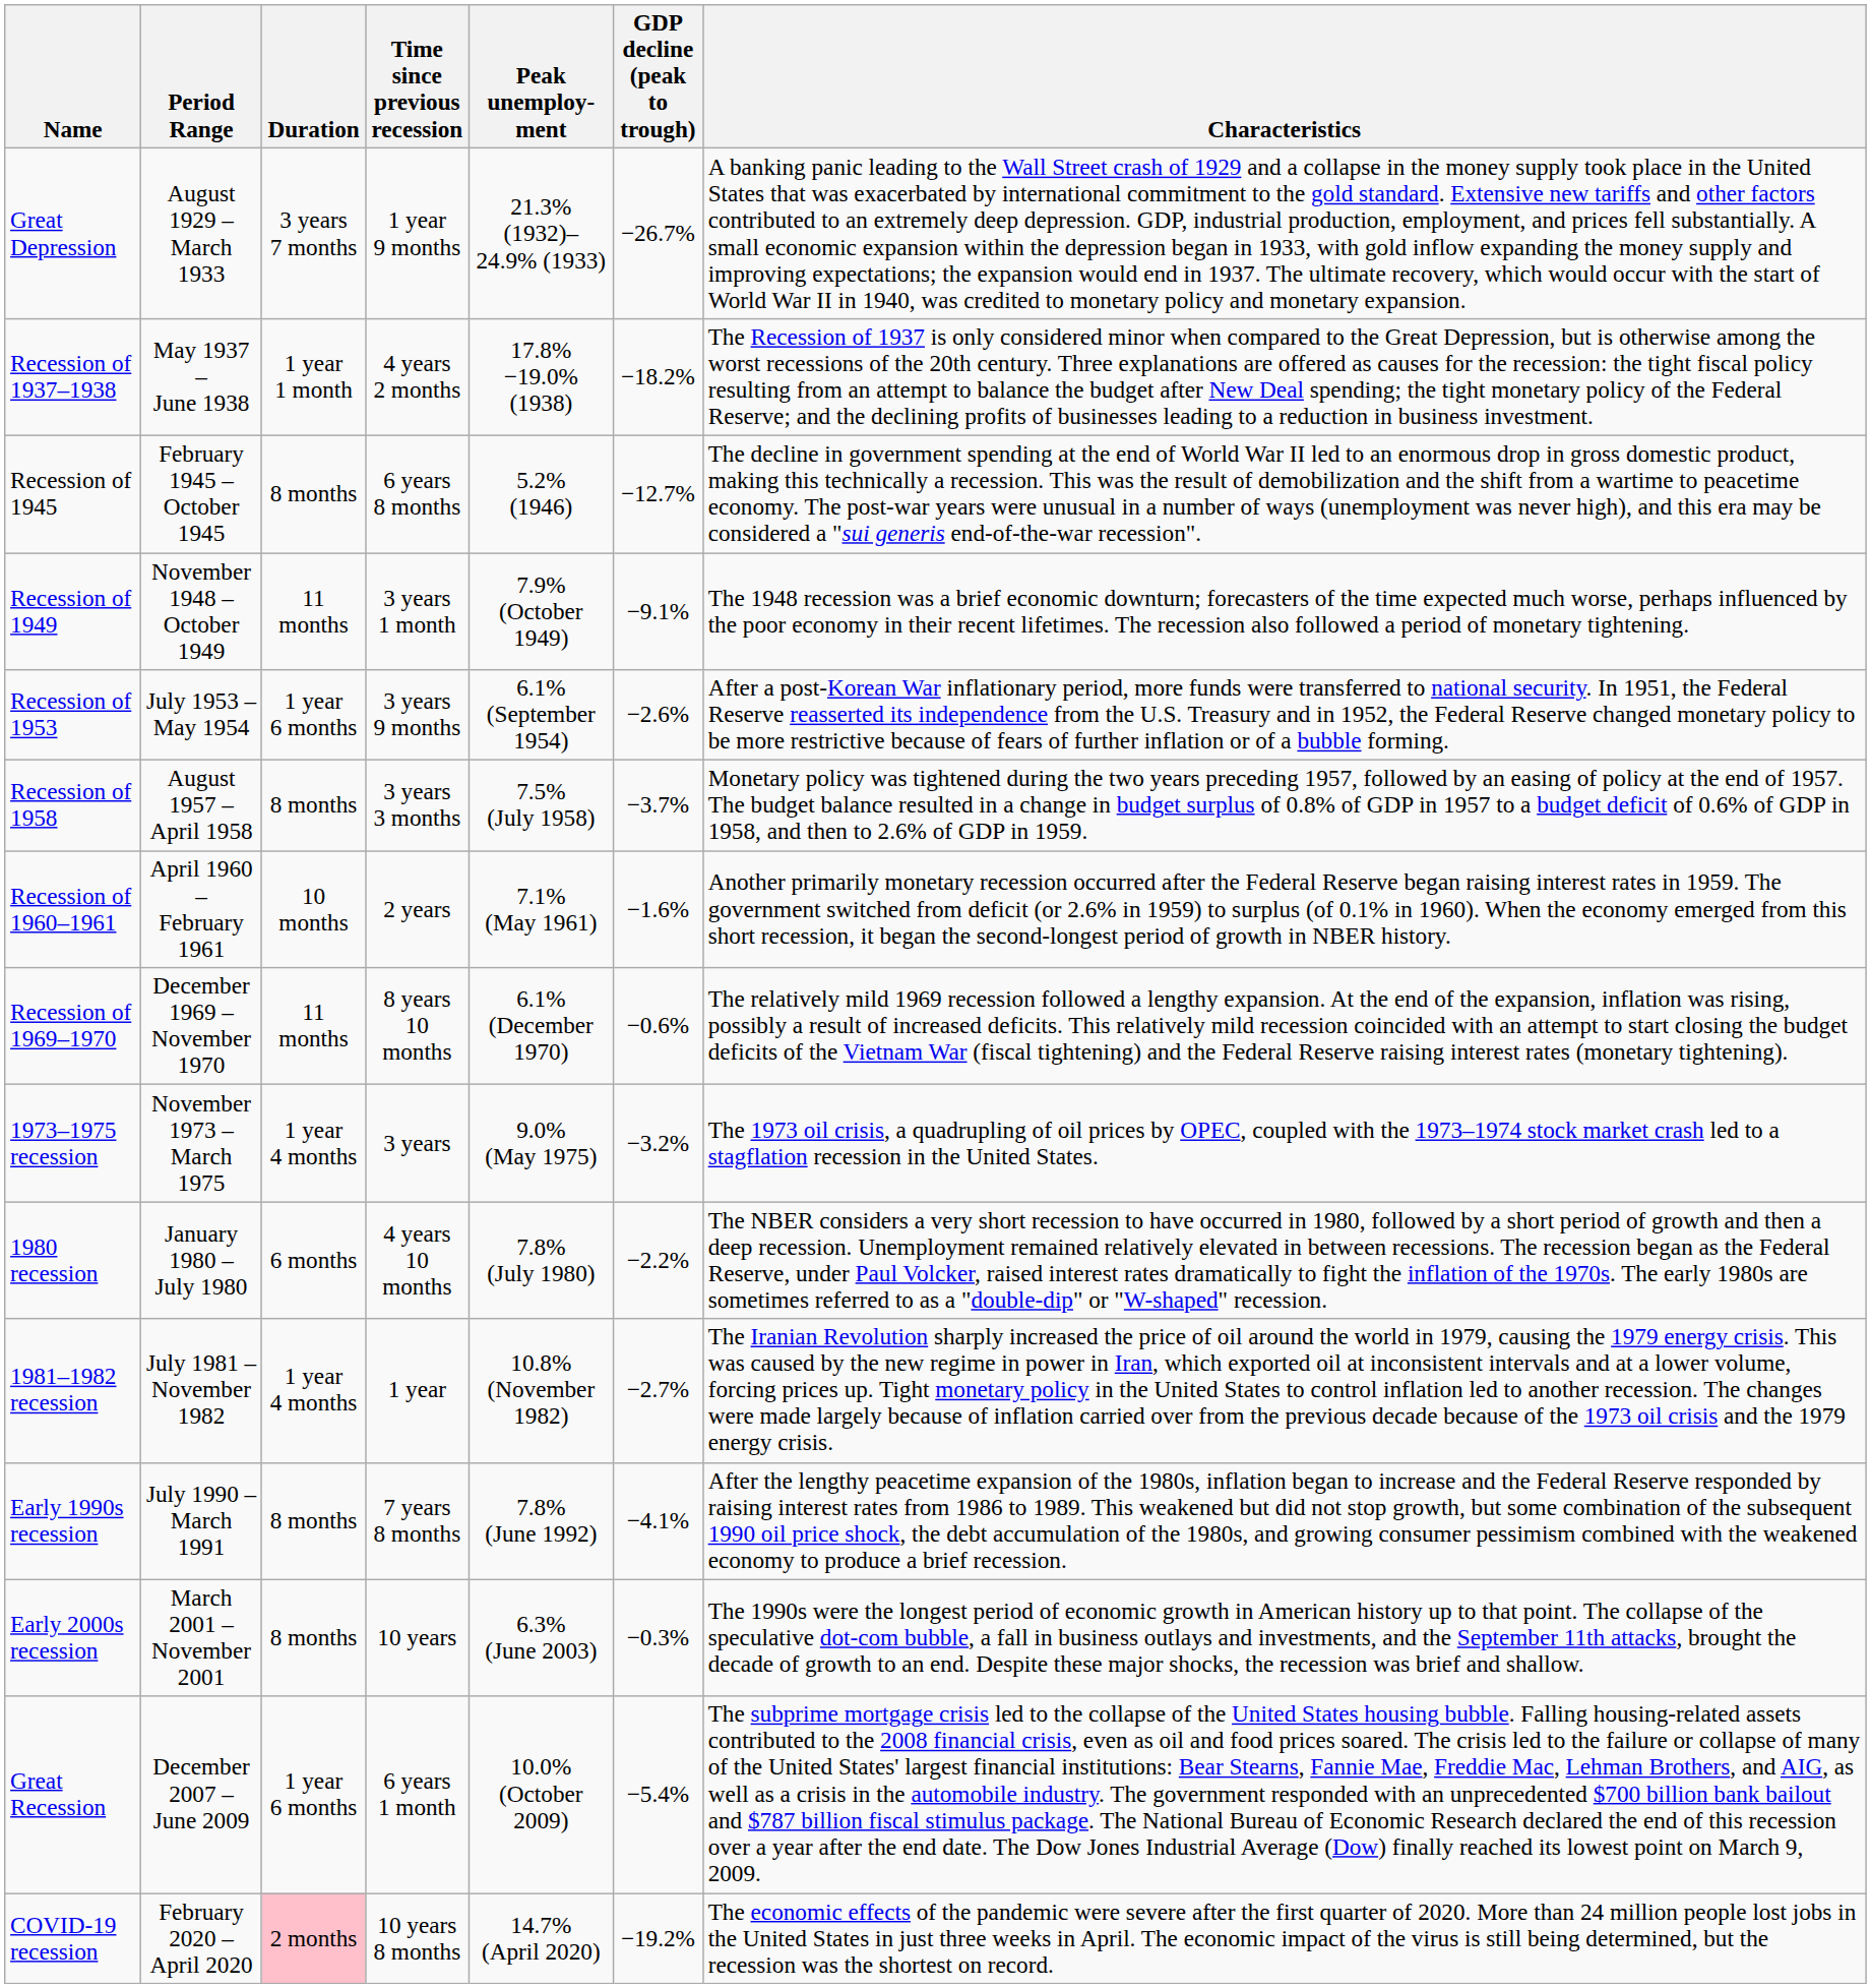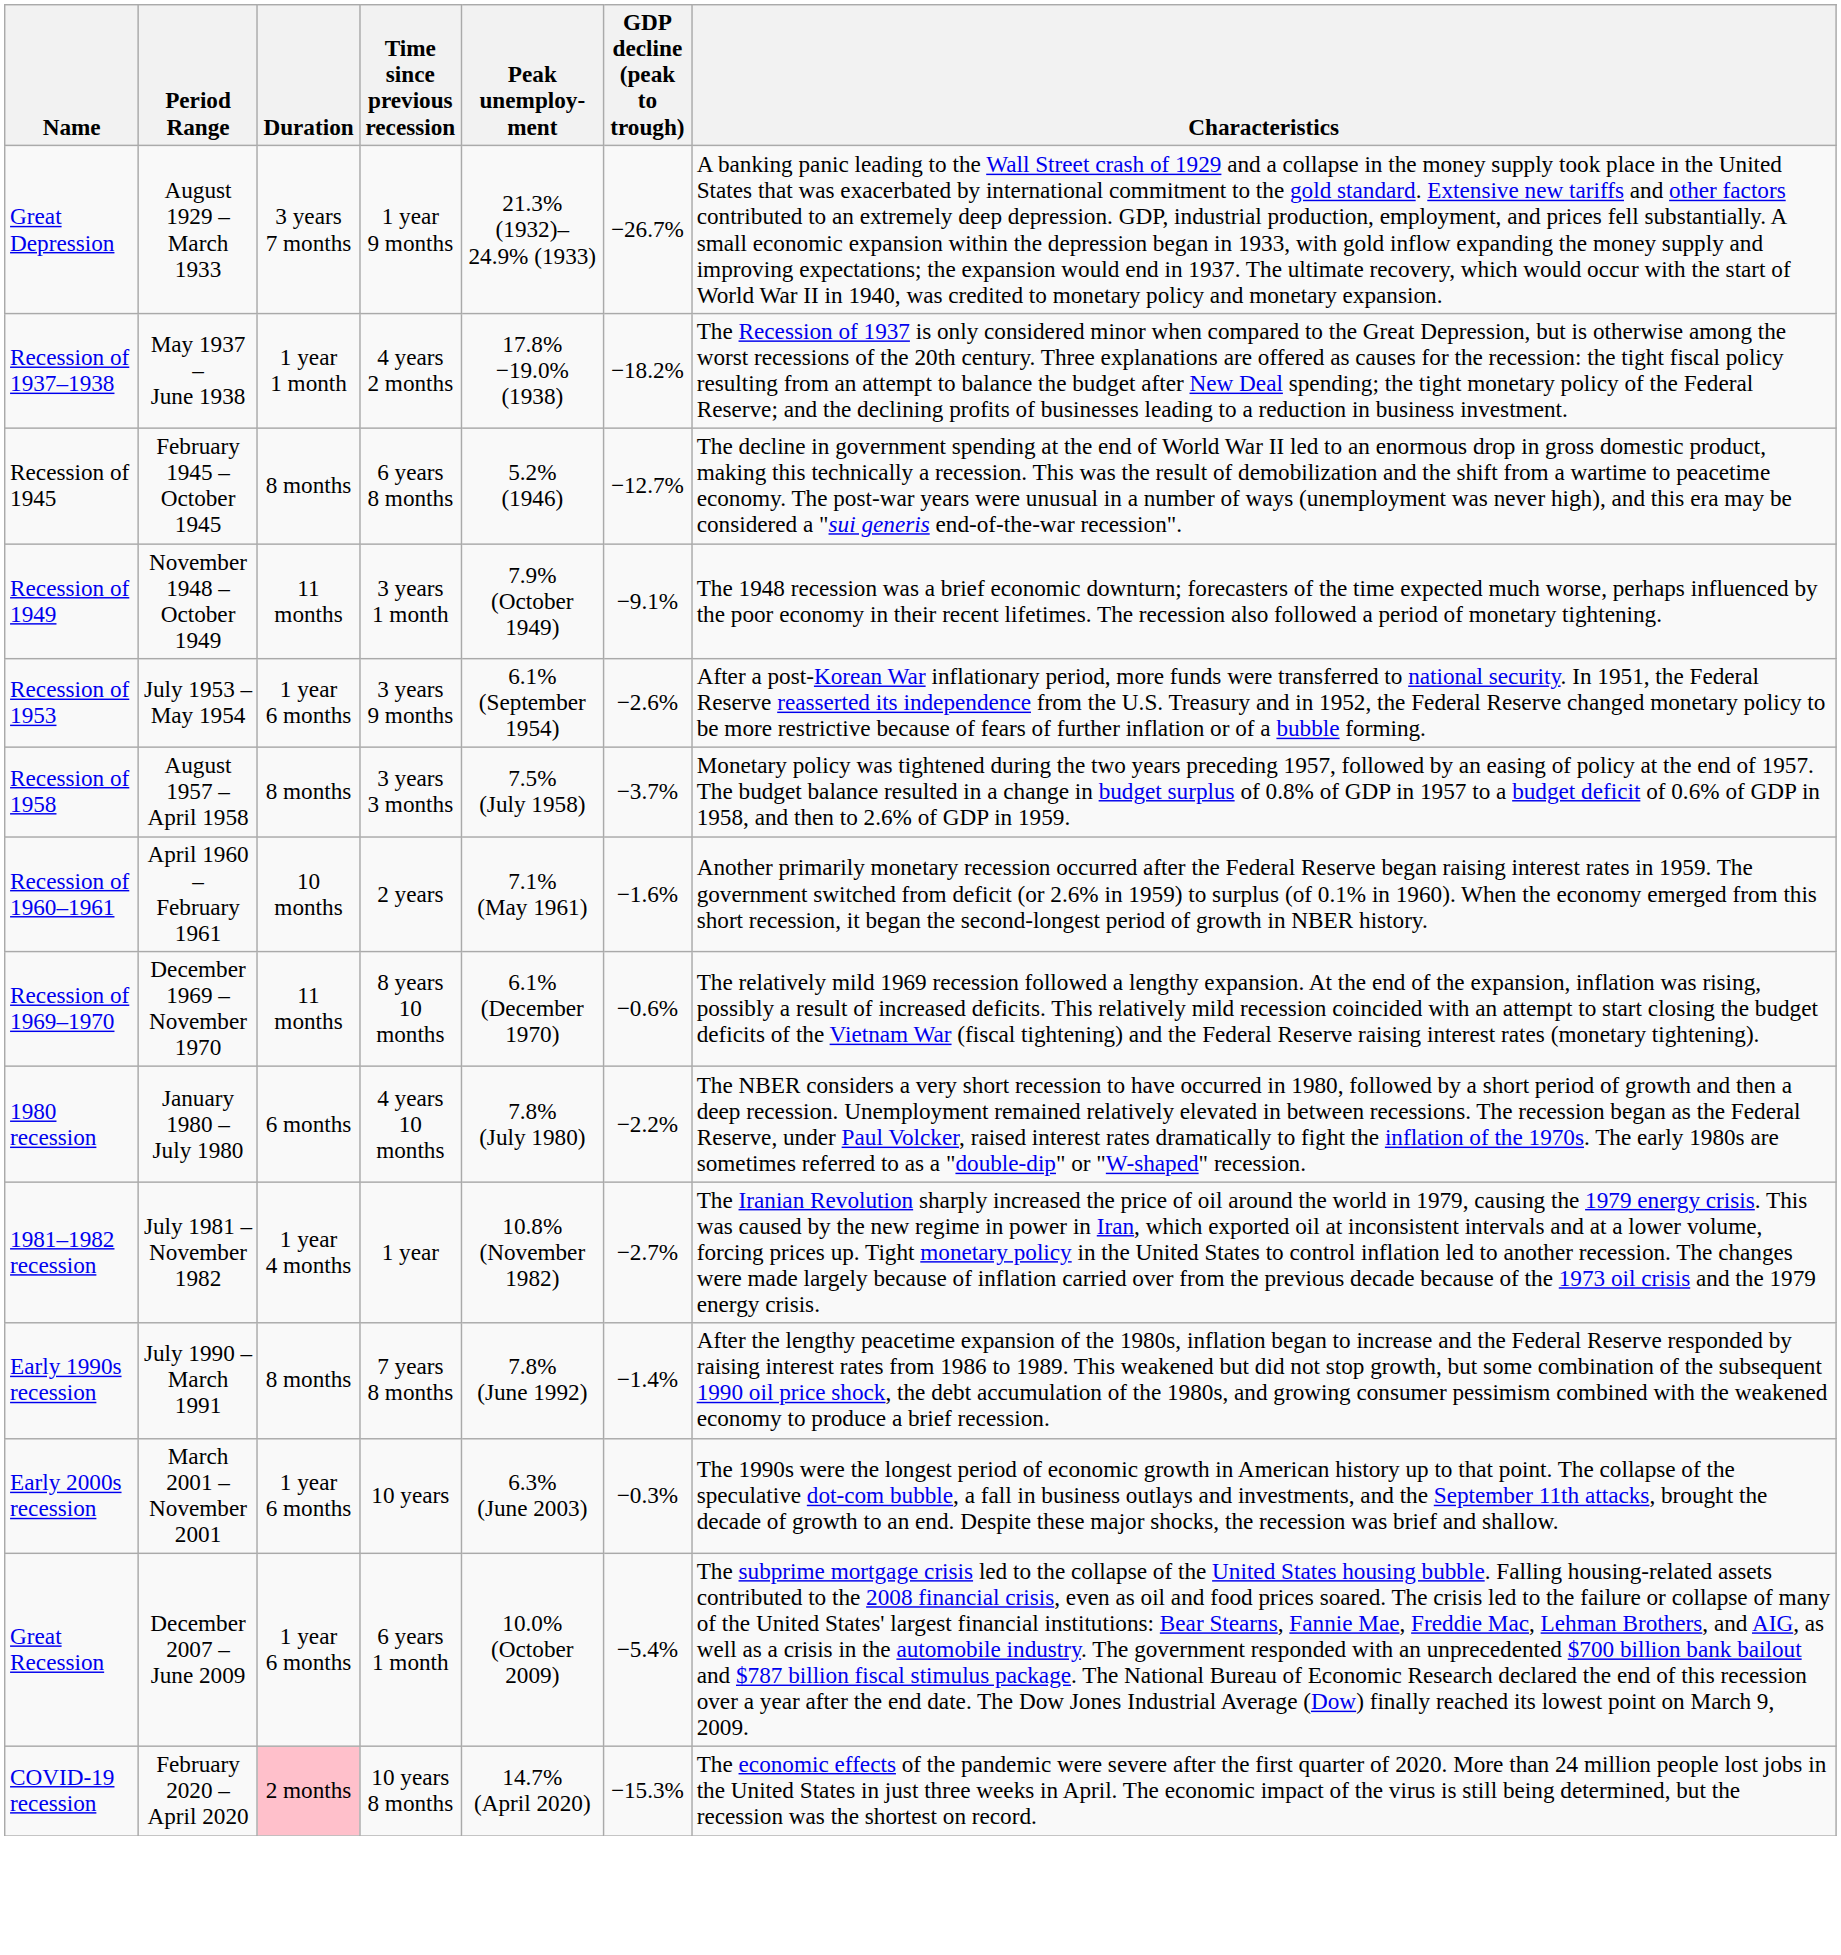 <table class="wikitable sortable sticky-header static-row-numbers sort-under" style="width:100%; text-align:center">
 <tr>
 <th style="max-width:4em;vertical-align:bottom" class=unsortable>Name</th>
 <th style="max-width:4em;vertical-align:bottom" data-sort-type=date>Period Range</th>
 <th style="max-width:4em;vertical-align:bottom">Duration</th>
 <th style="max-width:4em;vertical-align:bottom">Time since previous recession</th>
 <th style="max-width:4em;vertical-align:bottom">Peak unemploy­ment</th>
 <th style="max-width:4em;vertical-align:bottom">GDP decline (peak to trough)</th>
 <th style="vertical-align:bottom" class=unsortable>Characteristics</th>
 </tr>
 <tr>
 <td style="text-align:left"><a href='#'>Great Depression</a></td>
 <td data-sort-value="August 1929">August 1929 –<br>March 1933</td>
 <td data-sort-value="43">3 years<br>7 months</td>
 <td data-sort-value="21">1 year<br>9 months</td>
 <td data-sort-value="24.9">21.3% (1932)– 24.9% (1933)</td>
 <td data-sort-value="26.7">−26.7%</td>
 <td style="text-align:left">A banking panic leading to the <a href='#'>Wall Street crash of 1929</a> and a collapse in the money supply took place in the United States that was exacerbated by international commitment to the <a href='#'>gold standard</a>. <a href='#'>Extensive new tariffs</a> and <a href='#'>other factors</a> contributed to an extremely deep depression. GDP, industrial production, employment, and prices fell substantially. A small economic expansion within the depression began in 1933, with gold inflow expanding the money supply and improving expectations; the expansion would end in 1937. The ultimate recovery, which would occur with the start of World War II in 1940, was credited to monetary policy and monetary expansion.</td>
 </tr>
 <tr>
 <td style="text-align:left"><a href='#'>Recession of 1937–1938</a></td>
 <td data-sort-value="May 1937">May 1937 –<br>June 1938</td>
 <td data-sort-value="13">1 year<br>1 month</td>
 <td data-sort-value="50">4 years<br>2 months</td>
 <td data-sort-value="19.0">17.8% −19.0% (1938)</td>
 <td data-sort-value="18.2">−18.2%</td>
 <td style="text-align:left">The <a href='#'>Recession of 1937</a> is only considered minor when compared to the Great Depression, but is otherwise among the worst recessions of the 20th century. Three explanations are offered as causes for the recession: the tight fiscal policy resulting from an attempt to balance the budget after <a href='#'>New Deal</a> spending; the tight monetary policy of the Federal Reserve; and the declining profits of businesses leading to a reduction in business investment.</td>
 </tr>
 <tr>
 <td style="text-align:left">Recession of 1945</td>
 <td data-sort-value="February 1945">February 1945 –<br>October 1945</td>
 <td data-sort-value="8">8 months</td>
 <td data-sort-value="80">6 years<br>8 months</td>
 <td data-sort-value="5.2">5.2%<br>(1946)</td>
 <td data-sort-value="12.7">−12.7%</td>
 <td style="text-align:left">The decline in government spending at the end of World War II led to an enormous drop in gross domestic product, making this technically a recession. This was the result of demobilization and the shift from a wartime to peacetime economy. The post-war years were unusual in a number of ways (unemployment was never high), and this era may be considered a "<em><a href='#'>sui generis</a></em> end-of-the-war recession".</td>
 </tr>
 <tr>
 <td style="text-align:left"><a href='#'>Recession of 1949</a></td>
 <td data-sort-value="November 1948">November 1948 –<br>October 1949</td>
 <td data-sort-value="11">11 months</td>
 <td data-sort-value="37">3 years<br>1 month</td>
 <td data-sort-value="7.9">7.9%<br>(October 1949)</td>
 <td data-sort-value="1.7">−9.1%</td>
 <td style="text-align:left">The 1948 recession was a brief economic downturn; forecasters of the time expected much worse, perhaps influenced by the poor economy in their recent lifetimes. The recession also followed a period of monetary tightening.</td>
 </tr>
 <tr>
 <td style="text-align:left"><a href='#'>Recession of 1953</a></td>
 <td data-sort-value="July 1953">July 1953 –<br>May 1954</td>
 <td data-sort-value="18">1 year<br>6 months</td>
 <td data-sort-value="45">3 years<br>9 months</td>
 <td data-sort-value="6.1">6.1%<br>(September 1954)</td>
 <td data-sort-value="2.6">−2.6%</td>
 <td style="text-align:left">After a post-<a href='#'>Korean War</a> inflationary period, more funds were transferred to <a href='#'>national security</a>. In 1951, the Federal Reserve <a href='#'>reasserted its independence</a> from the U.S. Treasury and in 1952, the Federal Reserve changed monetary policy to be more restrictive because of fears of further inflation or of a <a href='#'>bubble</a> forming.</td>
 </tr>
 <tr>
 <td style="text-align:left"><a href='#'>Recession of 1958</a></td>
 <td data-sort-value="August 1957">August 1957 –<br>April 1958</td>
 <td data-sort-value="8">8 months</td>
 <td data-sort-value="39">3 years<br>3 months</td>
 <td data-sort-value="7.5">7.5%<br>(July 1958)</td>
 <td data-sort-value="3.7">−3.7%</td>
 <td style="text-align:left">Monetary policy was tightened during the two years preceding 1957, followed by an easing of policy at the end of 1957. The budget balance resulted in a change in <a href='#'>budget surplus</a> of 0.8% of GDP in 1957 to a <a href='#'>budget deficit</a> of 0.6% of GDP in 1958, and then to 2.6% of GDP in 1959.</td>
 </tr>
 <tr>
 <td style="text-align:left"><a href='#'>Recession of 1960–1961</a></td>
 <td data-sort-value="April 1960">April 1960 –<br>February 1961</td>
 <td data-sort-value="10">10 months</td>
 <td data-sort-value="24">2 years</td>
 <td data-sort-value="7.1">7.1%<br>(May 1961)</td>
 <td data-sort-value="1.6">−1.6%</td>
 <td style="text-align:left">Another primarily monetary recession occurred after the Federal Reserve began raising interest rates in 1959. The government switched from deficit (or 2.6% in 1959) to surplus (of 0.1% in 1960). When the economy emerged from this short recession, it began the second-longest period of growth in NBER history.</td>
 </tr>
 <tr>
 <td style="text-align:left"><a href='#'>Recession of 1969–1970</a></td>
 <td data-sort-value="December 1969">December 1969 –<br>November 1970</td>
 <td data-sort-value="11">11 months</td>
 <td data-sort-value="106">8 years<br>10 months</td>
 <td data-sort-value="6.1">6.1%<br>(December 1970)</td>
 <td data-sort-value="0.6">−0.6%</td>
 <td style="text-align:left">The relatively mild 1969 recession followed a lengthy expansion. At the end of the expansion, inflation was rising, possibly a result of increased deficits. This relatively mild recession coincided with an attempt to start closing the budget deficits of the <a href='#'>Vietnam War</a> (fiscal tightening) and the Federal Reserve raising interest rates (monetary tightening).</td>
 </tr>
 <tr>
-<td style="text-align:left"><a href='#'>1973–1975 recession</a></td>
-<td data-sort-value="November 1973">November 1973 –<br>March 1975</td>
-<td data-sort-value="16">1 year<br>4 months</td>
-<td data-sort-value="36">3 years</td>
-<td data-sort-value="9.0">9.0%<br>(May 1975)</td>
-<td data-sort-value="3.2">−3.2%</td>
-<td style="text-align:left">The <a href='#'>1973 oil crisis</a>, a quadrupling of oil prices by <a href='#'>OPEC</a>, coupled with the <a href='#'>1973–1974 stock market crash</a> led to a <a href='#'>stagflation</a> recession in the United States.</td>
-</tr>
-<tr>
 <td style="text-align:left"><a href='#'>1980 recession</a></td>
 <td data-sort-value="January 1980">January 1980 –<br>July 1980</td>
 <td data-sort-value="6">6 months</td>
 <td data-sort-value="58">4 years<br>10 months</td>
 <td data-sort-value="7.8">7.8%<br>(July 1980)</td>
 <td data-sort-value="2.2">−2.2%</td>
 <td style="text-align:left">The NBER considers a very short recession to have occurred in 1980, followed by a short period of growth and then a deep recession. Unemployment remained relatively elevated in between recessions. The recession began as the Federal Reserve, under <a href='#'>Paul Volcker</a>, raised interest rates dramatically to fight the <a href='#'>inflation of the 1970s</a>. The early 1980s are sometimes referred to as a "<a href='#'>double-dip</a>" or "<a href='#'>W-shaped</a>" recession.</td>
 </tr>
 <tr>
 <td style="text-align:left"><a href='#'>1981–1982 recession</a></td>
 <td data-sort-value="July 1981">July 1981 –<br>November 1982</td>
 <td data-sort-value="16">1 year<br>4 months</td>
 <td data-sort-value="12">1 year</td>
 <td data-sort-value="10.8">10.8%<br>(November 1982)</td>
 <td data-sort-value="2.7">−2.7%</td>
 <td style="text-align:left">The <a href='#'>Iranian Revolution</a> sharply increased the price of oil around the world in 1979, causing the <a href='#'>1979 energy crisis</a>. This was caused by the new regime in power in <a href='#'>Iran</a>, which exported oil at inconsistent intervals and at a lower volume, forcing prices up. Tight <a href='#'>monetary policy</a> in the United States to control inflation led to another recession. The changes were made largely because of inflation carried over from the previous decade because of the <a href='#'>1973 oil crisis</a> and the 1979 energy crisis.</td>
 </tr>
 <tr>
 <td style="text-align:left"><a href='#'>Early 1990s recession</a></td>
 <td data-sort-value="July 1990">July 1990 –<br>March 1991</td>
 <td data-sort-value="8">8 months</td>
 <td data-sort-value="92">7 years<br>8 months</td>
 <td data-sort-value="7.8">7.8%<br>(June 1992)</td>
-<td data-sort-value="1.4">−4.1%</td>
+<td data-sort-value="1.4">−1.4%</td>
 <td style="text-align:left">After the lengthy peacetime expansion of the 1980s, inflation began to increase and the Federal Reserve responded by raising interest rates from 1986 to 1989. This weakened but did not stop growth, but some combination of the subsequent <a href='#'>1990 oil price shock</a>, the debt accumulation of the 1980s, and growing consumer pessimism combined with the weakened economy to produce a brief recession.</td>
 </tr>
 <tr>
 <td style="text-align:left"><a href='#'>Early 2000s recession</a></td>
 <td data-sort-value="March 2001">March 2001 –<br>November 2001</td>
-<td data-sort-value="8">8 months</td>
+<td data-sort-value="18">1 year<br>6 months</td>
 <td data-sort-value="120">10 years</td>
 <td data-sort-value="6.3">6.3%<br>(June 2003)</td>
 <td data-sort-value="0.3">−0.3%</td>
 <td style="text-align:left">The 1990s were the longest period of economic growth in American history up to that point. The collapse of the speculative <a href='#'>dot-com bubble</a>, a fall in business outlays and investments, and the <a href='#'>September 11th attacks</a>, brought the decade of growth to an end. Despite these major shocks, the recession was brief and shallow.</td>
 </tr>
 <tr>
 <td style="text-align:left"><a href='#'>Great Recession</a></td>
 <td data-sort-value="December 2007">December 2007 –<br>June 2009</td>
 <td data-sort-value="18">1 year<br>6 months</td>
 <td data-sort-value="73">6 years<br>1 month</td>
 <td data-sort-value="10.0">10.0%<br>(October 2009)</td>
 <td data-sort-value="5.1">−5.4%</td>
 <td style="text-align:left">The <a href='#'>subprime mortgage crisis</a> led to the collapse of the <a href='#'>United States housing bubble</a>. Falling housing-related assets contributed to the <a href='#'>2008 financial crisis</a>, even as oil and food prices soared. The crisis led to the failure or collapse of many of the United States' largest financial institutions: <a href='#'>Bear Stearns</a>, <a href='#'>Fannie Mae</a>, <a href='#'>Freddie Mac</a>, <a href='#'>Lehman Brothers</a>, and <a href='#'>AIG</a>, as well as a crisis in the <a href='#'>automobile industry</a>. The government responded with an unprecedented <a href='#'>$700 billion bank bailout</a> and <a href='#'>$787 billion fiscal stimulus package</a>. The National Bureau of Economic Research declared the end of this recession over a year after the end date. The Dow Jones Industrial Average (<a href='#'>Dow</a>) finally reached its lowest point on March 9, 2009.</td>
 </tr>
 <tr>
 <td style="text-align:left"><a href='#'>COVID-19 recession</a></td>
 <td data-sort-value="February 2020">February 2020 –<br>April 2020</td>
 <td data-sort-value="2" style="background: pink;">2 months</td>
 <td data-sort-value="128">10 years<br>8 months</td>
 <td data-sort-value="14.7">14.7%<br>(April 2020)</td>
-<td data-sort-value="19.2">−19.2%</td>
+<td data-sort-value="19.2">−15.3%</td>
 <td style="text-align:left">The <a href='#'>economic effects</a> of the pandemic were severe after the first quarter of 2020.  More than 24 million people lost jobs in the United States in just three weeks in April. The economic impact of the virus is still being determined, but the recession was the shortest on record.</td>
 </tr>
 </table>
